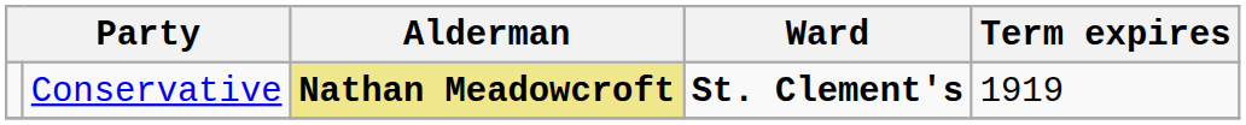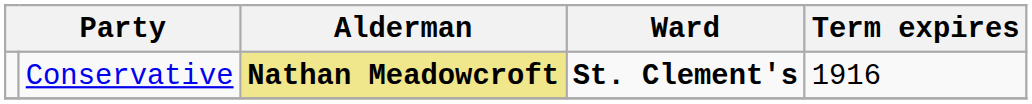 <table class="wikitable">
 <tr>
 <th colspan="2">Party</th>
 <th>Alderman</th>
 <th>Ward</th>
 <th>Term expires</th>
 </tr>
 <tr>
 <td style="background-color:"></td>
 <td><a href='#'>Conservative</a></td>
 <td style="background: khaki;"><strong>Nathan Meadowcroft</strong></td>
 <td><strong>St. Clement's</strong></td>
-<td>1919</td>
+<td>1916</td>
 </tr>
 <tr>
 </tr>
 </table>
